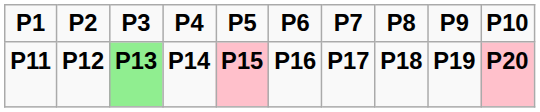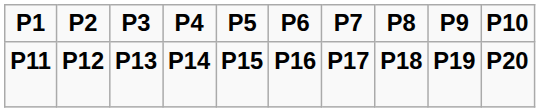 <table class="wikitable" style="text-align: center;">
 <tr valign="top">
 <td><strong>P1</strong><br></td>
 <td><strong>P2</strong><br></td>
 <td><strong>P3</strong><br></td>
 <td><strong>P4</strong><br></td>
 <td><strong>P5</strong><br></td>
 <td><strong>P6</strong><br></td>
 <td><strong>P7</strong><br></td>
 <td><strong>P8</strong><br></td>
 <td><strong>P9</strong><br></td>
 <td><strong>P10</strong><br></td>
 </tr>
 <tr valign="top">
 <td><strong>P11</strong><br></td>
 <td><strong>P12</strong><br></td>
-<td style="background: lightgreen;"><strong>P13</strong><br></td>
+<td><strong>P13</strong><br></td>
 <td><strong>P14</strong><br></td>
-<td style="background: pink;"><strong>P15</strong><br></td>
+<td><strong>P15</strong><br></td>
 <td><strong>P16</strong><br></td>
 <td><strong>P17</strong><br></td>
 <td><strong>P18</strong><br></td>
 <td><strong>P19</strong><br></td>
-<td style="background: pink;"><strong>P20</strong><br><br></td>
+<td><strong>P20</strong><br><br></td>
 </tr>
 </table>
